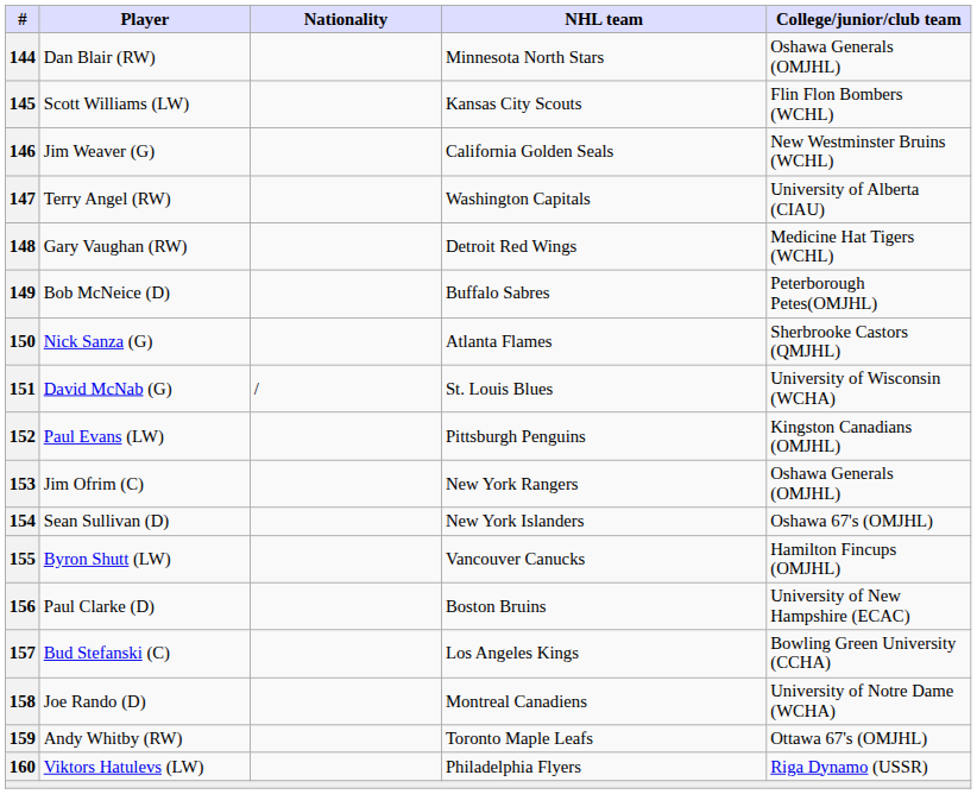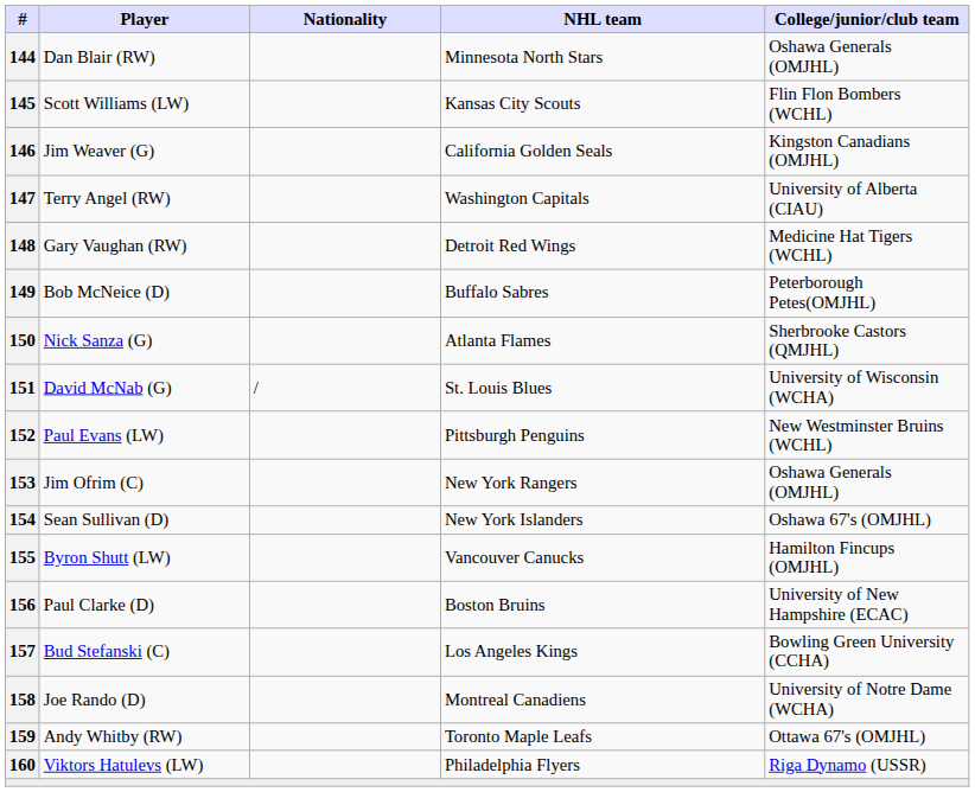 <table class="wikitable" style="width: 100%">
 <tr>
 <th style="background:#ddf; width:2.75%;">#</th>
 <th style="background:#ddf; width:22.0%;">Player</th>
 <th style="background:#ddf; width:20.0%;">Nationality</th>
 <th style="background:#ddf; width:34.0%;">NHL team</th>
 <th style="background:#ddf; width:100.0%;">College/junior/club team</th>
 </tr>
 <tr>
 <th>144</th>
 <td>Dan Blair (RW)</td>
 <td></td>
 <td>Minnesota North Stars</td>
 <td>Oshawa Generals (OMJHL)</td>
 </tr>
 <tr>
 <th>145</th>
 <td>Scott Williams (LW)</td>
 <td></td>
 <td>Kansas City Scouts</td>
 <td>Flin Flon Bombers (WCHL)</td>
 </tr>
 <tr>
 <th>146</th>
 <td>Jim Weaver (G)</td>
 <td></td>
 <td>California Golden Seals</td>
-<td>New Westminster Bruins (WCHL)</td>
+<td>Kingston Canadians (OMJHL)</td>
 </tr>
 <tr>
 <th>147</th>
 <td>Terry Angel (RW)</td>
 <td></td>
 <td>Washington Capitals</td>
 <td>University of Alberta (CIAU)</td>
 </tr>
 <tr>
 <th>148</th>
 <td>Gary Vaughan (RW)</td>
 <td></td>
 <td>Detroit Red Wings</td>
 <td>Medicine Hat Tigers (WCHL)</td>
 </tr>
 <tr>
 <th>149</th>
 <td>Bob McNeice (D)</td>
 <td></td>
 <td>Buffalo Sabres</td>
 <td>Peterborough  Petes(OMJHL)</td>
 </tr>
 <tr>
 <th>150</th>
 <td><a href='#'>Nick Sanza</a> (G)</td>
 <td></td>
 <td>Atlanta Flames</td>
 <td>Sherbrooke Castors (QMJHL)</td>
 </tr>
 <tr>
 <th>151</th>
 <td><a href='#'>David McNab</a> (G)</td>
 <td>/<br></td>
 <td>St. Louis Blues</td>
 <td>University of Wisconsin (WCHA)</td>
 </tr>
 <tr>
 <th>152</th>
 <td><a href='#'>Paul Evans</a> (LW)</td>
 <td></td>
 <td>Pittsburgh Penguins</td>
-<td>Kingston Canadians (OMJHL)</td>
+<td>New Westminster Bruins (WCHL)</td>
 </tr>
 <tr>
 <th>153</th>
 <td>Jim Ofrim (C)</td>
 <td></td>
 <td>New York Rangers</td>
 <td>Oshawa Generals (OMJHL)</td>
 </tr>
 <tr>
 <th>154</th>
 <td>Sean Sullivan (D)</td>
 <td></td>
 <td>New York Islanders</td>
 <td>Oshawa 67's (OMJHL)</td>
 </tr>
 <tr>
 <th>155</th>
 <td><a href='#'>Byron Shutt</a> (LW)</td>
 <td></td>
 <td>Vancouver Canucks</td>
 <td>Hamilton Fincups (OMJHL)</td>
 </tr>
 <tr>
 <th>156</th>
 <td>Paul Clarke (D)</td>
 <td></td>
 <td>Boston Bruins</td>
 <td>University of New Hampshire (ECAC)</td>
 </tr>
 <tr>
 <th>157</th>
 <td><a href='#'>Bud Stefanski</a> (C)</td>
 <td></td>
 <td>Los Angeles Kings</td>
 <td>Bowling Green University (CCHA)</td>
 </tr>
 <tr>
 <th>158</th>
 <td>Joe Rando (D)</td>
 <td></td>
 <td>Montreal Canadiens</td>
 <td>University of Notre Dame (WCHA)</td>
 </tr>
 <tr>
 <th>159</th>
 <td>Andy Whitby (RW)</td>
 <td></td>
 <td>Toronto Maple Leafs</td>
 <td>Ottawa 67's (OMJHL)</td>
 </tr>
 <tr>
 <th>160</th>
 <td><a href='#'>Viktors Hatulevs</a> (LW)</td>
 <td></td>
 <td>Philadelphia Flyers</td>
 <td><a href='#'>Riga Dynamo</a> (USSR)</td>
 </tr>
 <tr>
 <td align=center colspan="6" bgcolor="#efefef"></td>
 </tr>
 </table>
